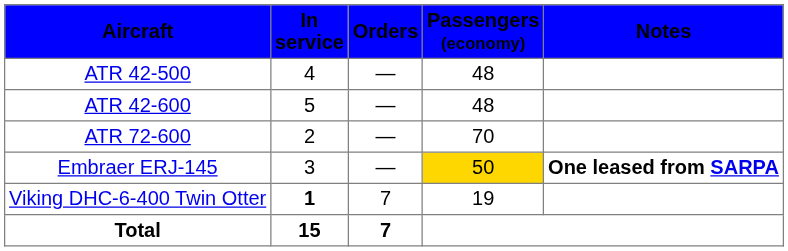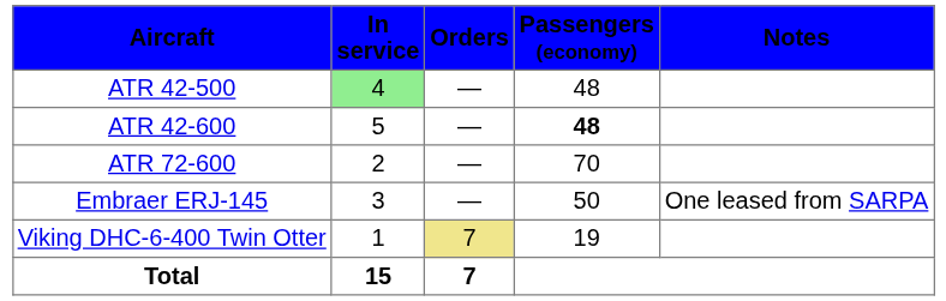 <table class="toccolours" border="1" cellpadding="3" style="border-collapse:collapse;text-align:center;margin:auto;">
 <tr bgcolor=blue>
 <th><span>Aircraft</span></th>
 <th><span>In <br> service</span></th>
 <th><span>Orders</span></th>
 <th><span>Passengers <br> <small>(economy)</small></span></th>
 <th><span>Notes</span></th>
 </tr>
 <tr>
 <td><a href='#'>ATR 42-500</a></td>
-<td>4</td>
+<td style="background: lightgreen;">4</td>
 <td>—</td>
 <td>48</td>
 <td></td>
 </tr>
 <tr>
 <td><a href='#'>ATR 42-600</a></td>
 <td>5</td>
 <td>—</td>
-<td>48</td>
+<td><strong>48</strong></td>
 <td></td>
 </tr>
 <tr>
 <td><a href='#'>ATR 72-600</a></td>
 <td>2</td>
 <td>—</td>
 <td>70</td>
 <td></td>
 </tr>
 <tr>
 <td><a href='#'>Embraer ERJ-145</a></td>
 <td>3</td>
 <td>—</td>
-<td style="background: gold;">50</td>
-<td><strong>One leased from <a href='#'>SARPA</a></strong></td>
+<td>50</td>
+<td>One leased from <a href='#'>SARPA</a></td>
 </tr>
 <tr>
 <td><a href='#'>Viking DHC-6-400 Twin Otter</a></td>
-<td><strong>1</strong></td>
-<td>7</td>
+<td>1</td>
+<td style="background: khaki;">7</td>
 <td>19</td>
 <td></td>
 </tr>
 <tr>
 <th>Total</th>
 <th>15</th>
 <th>7</th>
 <th colspan=2></th>
 </tr>
 </table>
